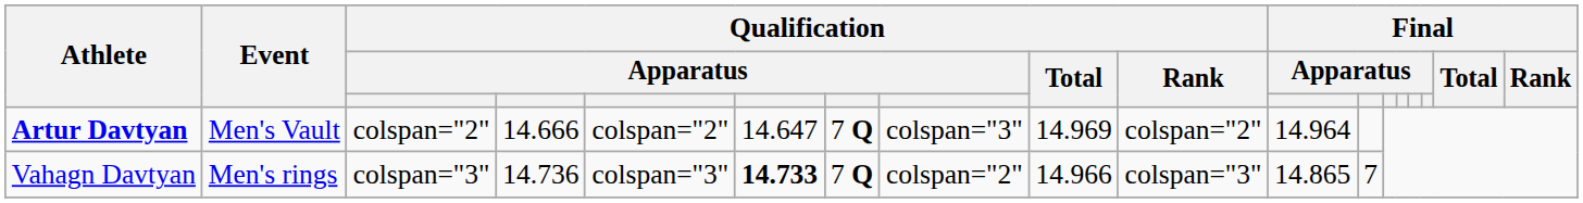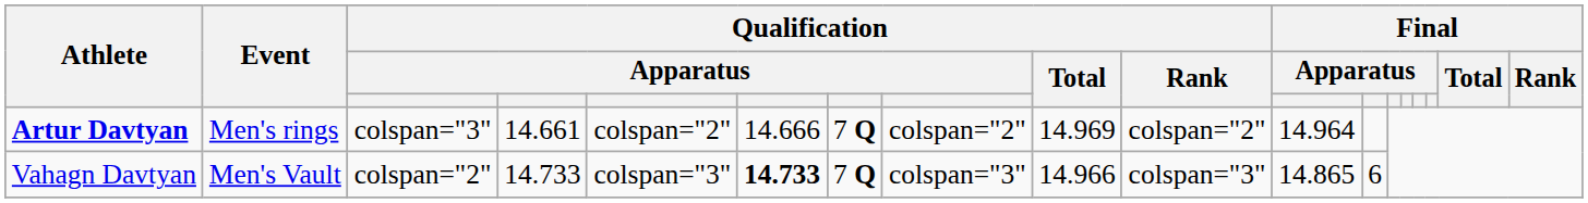 <table class="wikitable" style="font-size:90%">
 <tr>
 <th rowspan=3>Athlete</th>
 <th rowspan=3>Event</th>
 <th colspan =8>Qualification</th>
 <th colspan =8>Final</th>
 </tr>
 <tr style="font-size:95%">
 <th colspan=6>Apparatus</th>
 <th rowspan=2>Total</th>
 <th rowspan=2>Rank</th>
 <th colspan=6>Apparatus</th>
 <th rowspan=2>Total</th>
 <th rowspan=2>Rank</th>
 </tr>
 <tr style="font-size:95%">
 <th></th>
 <th></th>
 <th></th>
 <th></th>
 <th></th>
 <th></th>
 <th></th>
 <th></th>
 <th></th>
 <th></th>
 <th></th>
 <th></th>
 </tr>
 <tr align=center>
 <td align=left><strong><a href='#'>Artur Davtyan</a></strong></td>
-<td align=left><a href='#'>Men's Vault</a></td>
+<td align=left><a href='#'>Men's rings</a></td>
+<td>colspan="3"  </td>
+<td>14.661</td>
 <td>colspan="2"  </td>
 <td>14.666</td>
+<td>7 <strong>Q</strong></td>
 <td>colspan="2"  </td>
-<td>14.647</td>
-<td>7 <strong>Q</strong></td>
-<td>colspan="3"  </td>
 <td>14.969</td>
 <td>colspan="2"  </td>
 <td>14.964</td>
 <td></td>
 </tr>
 <tr align=center>
 <td align=left><a href='#'>Vahagn Davtyan</a></td>
-<td align=left><a href='#'>Men's rings</a></td>
-<td>colspan="3"  </td>
-<td>14.736</td>
+<td align=left><a href='#'>Men's Vault</a></td>
+<td>colspan="2"  </td>
+<td>14.733</td>
 <td>colspan="3"  </td>
 <td><strong>14.733</strong></td>
 <td>7 <strong>Q</strong></td>
-<td>colspan="2"  </td>
+<td>colspan="3"  </td>
 <td>14.966</td>
 <td>colspan="3"  </td>
 <td>14.865</td>
-<td>7</td>
+<td>6</td>
 </tr>
 </table>
